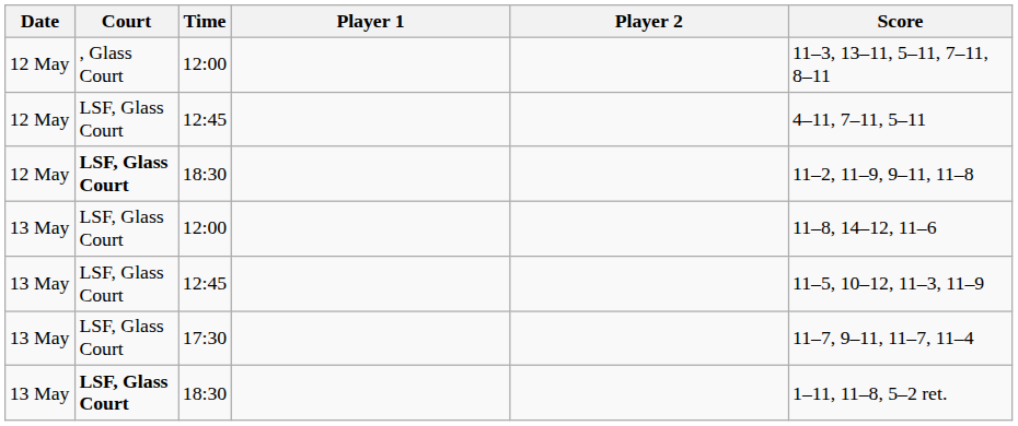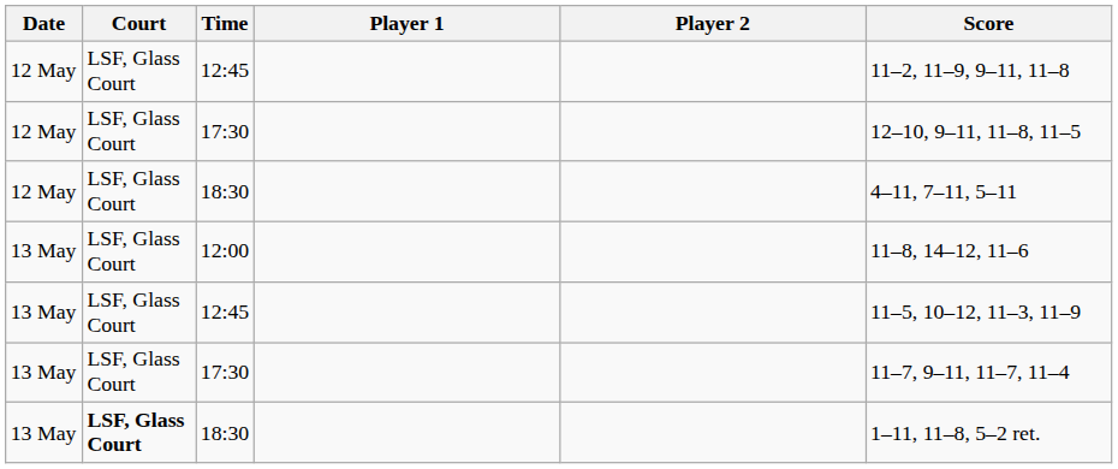 <table class="sortable wikitable" style="font-size:90%">
 <tr>
 <th width="45" class="unsortable">Date</th>
 <th width="70">Court</th>
 <th width="30">Time</th>
 <th width="200">Player 1</th>
 <th width="200">Player 2</th>
 <th width="160" class="unsortable">Score</th>
 </tr>
 <tr>
 <td>12 May</td>
-<td>, Glass Court</td>
-<td>12:00</td>
+<td>LSF, Glass Court</td>
+<td>12:45</td>
 <td></td>
 <td><strong></strong></td>
-<td>11–3, 13–11, 5–11, 7–11, 8–11</td>
+<td>11–2, 11–9, 9–11, 11–8</td>
 </tr>
 <tr>
 <td>12 May</td>
 <td>LSF, Glass Court</td>
-<td>12:45</td>
+<td>17:30</td>
+<td><strong></strong></td>
 <td></td>
-<td><strong></strong></td>
-<td>4–11, 7–11, 5–11</td>
+<td>12–10, 9–11, 11–8, 11–5</td>
 </tr>
 <tr>
 <td>12 May</td>
-<td><strong>LSF, Glass Court</strong></td>
+<td>LSF, Glass Court</td>
 <td>18:30</td>
 <td><strong></strong></td>
 <td></td>
-<td>11–2, 11–9, 9–11, 11–8</td>
+<td>4–11, 7–11, 5–11</td>
 </tr>
 <tr>
 <td>13 May</td>
 <td>LSF, Glass Court</td>
 <td>12:00</td>
 <td><strong></strong></td>
 <td></td>
 <td>11–8, 14–12, 11–6</td>
 </tr>
 <tr>
 <td>13 May</td>
 <td>LSF, Glass Court</td>
 <td>12:45</td>
 <td><strong></strong></td>
 <td></td>
 <td>11–5, 10–12, 11–3, 11–9</td>
 </tr>
 <tr>
 <td>13 May</td>
 <td>LSF, Glass Court</td>
 <td>17:30</td>
 <td><strong></strong></td>
 <td></td>
 <td>11–7, 9–11, 11–7, 11–4</td>
 </tr>
 <tr>
 <td>13 May</td>
 <td><strong>LSF, Glass Court</strong></td>
 <td>18:30</td>
 <td><strong></strong></td>
 <td></td>
 <td>1–11, 11–8, 5–2 ret.</td>
 </tr>
 </table>
